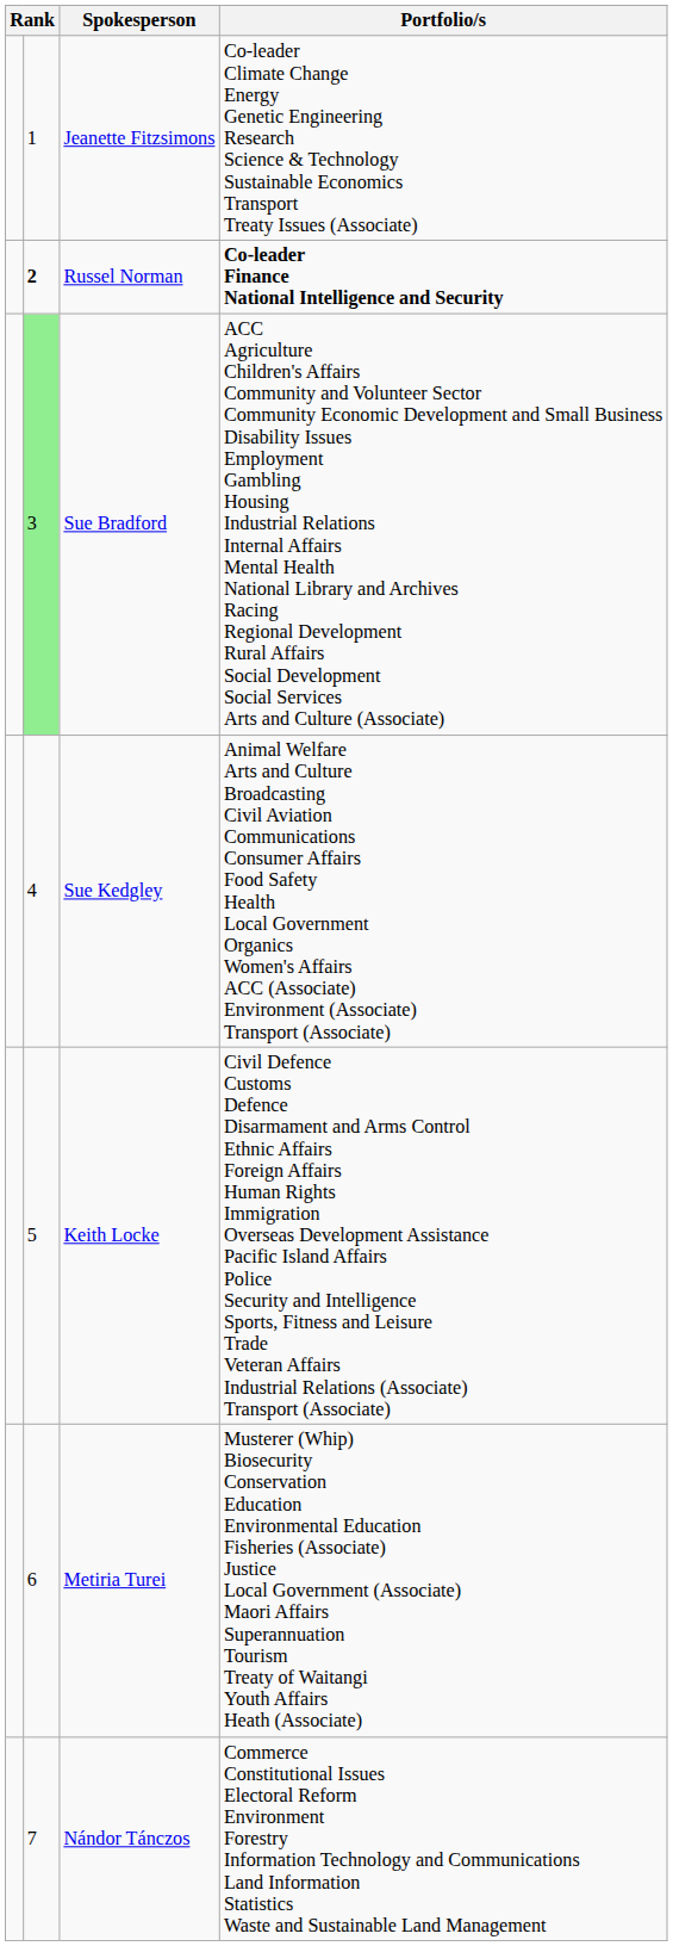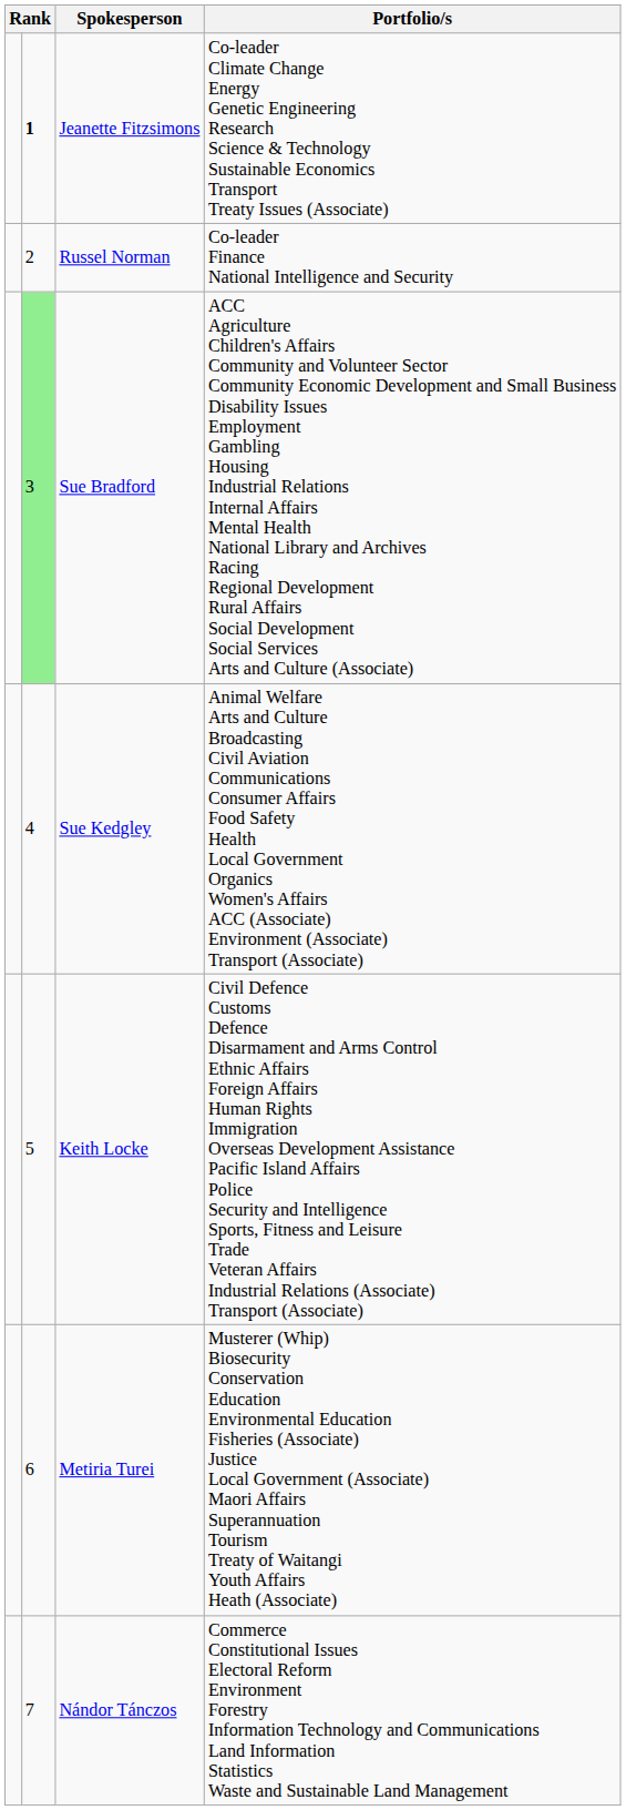 <table class="wikitable">
 <tr>
 <th colspan="2">Rank</th>
 <th>Spokesperson</th>
 <th>Portfolio/s</th>
 </tr>
 <tr>
 <td bgcolor=></td>
-<td>1</td>
+<td><strong>1</strong></td>
 <td><a href='#'>Jeanette Fitzsimons</a></td>
 <td>Co-leader<br>Climate Change<br>Energy<br>Genetic Engineering<br>Research<br>Science & Technology<br>Sustainable Economics<br>Transport<br>Treaty Issues (Associate)</td>
 </tr>
 <tr>
 <td bgcolor=></td>
-<td><strong>2</strong></td>
+<td>2</td>
 <td><a href='#'>Russel Norman</a></td>
-<td><strong>Co-leader<br>Finance<br>National Intelligence and Security</strong></td>
+<td>Co-leader<br>Finance<br>National Intelligence and Security</td>
 </tr>
 <tr>
 <td bgcolor=></td>
 <td style="background: lightgreen;">3</td>
 <td><a href='#'>Sue Bradford</a></td>
 <td>ACC<br>Agriculture<br>Children's Affairs<br>Community and Volunteer Sector<br>Community Economic Development and Small Business<br>Disability Issues<br>Employment<br>Gambling<br>Housing<br>Industrial Relations<br>Internal Affairs<br>Mental Health<br>National Library and Archives<br>Racing<br>Regional Development<br>Rural Affairs<br>Social Development<br>Social Services<br>Arts and Culture (Associate)</td>
 </tr>
 <tr>
 <td bgcolor=></td>
 <td>4</td>
 <td><a href='#'>Sue Kedgley</a></td>
 <td>Animal Welfare<br>Arts and Culture<br>Broadcasting<br>Civil Aviation<br>Communications<br>Consumer Affairs<br>Food Safety<br>Health<br>Local Government<br>Organics<br>Women's Affairs<br>ACC (Associate)<br>Environment (Associate)<br>Transport (Associate)</td>
 </tr>
 <tr>
 <td bgcolor=></td>
 <td>5</td>
 <td><a href='#'>Keith Locke</a></td>
 <td>Civil Defence<br>Customs<br>Defence<br>Disarmament and Arms Control<br>Ethnic Affairs<br>Foreign Affairs<br>Human Rights<br>Immigration<br>Overseas Development Assistance<br>Pacific Island Affairs<br>Police<br>Security and Intelligence<br>Sports, Fitness and Leisure<br>Trade<br>Veteran Affairs<br>Industrial Relations (Associate)<br>Transport (Associate)</td>
 </tr>
 <tr>
 <td bgcolor=></td>
 <td>6</td>
 <td><a href='#'>Metiria Turei</a></td>
 <td>Musterer (Whip)<br>Biosecurity<br>Conservation<br>Education<br>Environmental Education<br>Fisheries (Associate)<br>Justice<br>Local Government (Associate)<br>Maori Affairs<br>Superannuation<br>Tourism<br>Treaty of Waitangi<br>Youth Affairs<br>Heath (Associate)</td>
 </tr>
 <tr>
 <td bgcolor=></td>
 <td>7</td>
 <td><a href='#'>Nándor Tánczos</a></td>
 <td>Commerce<br>Constitutional Issues<br>Electoral Reform<br>Environment<br>Forestry<br>Information Technology and Communications<br>Land Information<br>Statistics<br>Waste and Sustainable Land Management</td>
 </tr>
 </table>
